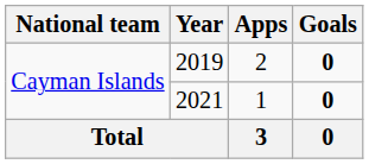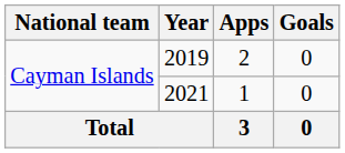 <table class="wikitable" style="text-align:center">
 <tr>
 <th>National team</th>
 <th>Year</th>
 <th>Apps</th>
 <th>Goals</th>
 </tr>
 <tr>
 <td rowspan="2"><a href='#'>Cayman Islands</a></td>
 <td>2019</td>
 <td>2</td>
-<td><strong>0</strong></td>
+<td>0</td>
 </tr>
 <tr>
 <td>2021</td>
 <td>1</td>
-<td><strong>0</strong></td>
+<td>0</td>
 </tr>
 <tr>
 <th colspan=2>Total</th>
 <th>3</th>
 <th>0</th>
 </tr>
 </table>
